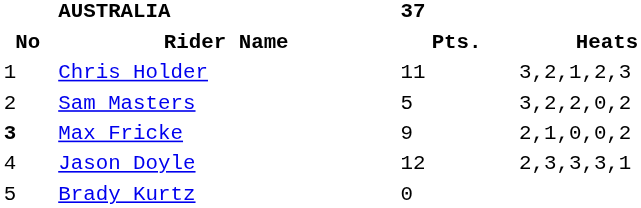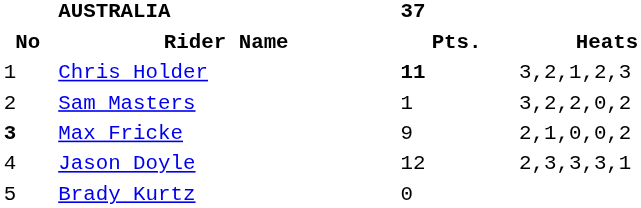 <table class="toccolours">
 <tr>
 <td></td>
 <td><strong>AUSTRALIA</strong></td>
 <td><strong>37</strong></td>
 </tr>
 <tr style="background-color:">
 <th width=30px>No</th>
 <th width=210px>Rider Name</th>
 <th width=70px>Pts.</th>
 <th width=110px>Heats</th>
 </tr>
 <tr style="background-color:">
 <td>1</td>
 <td><a href='#'>Chris Holder</a></td>
-<td>11</td>
+<td><strong>11</strong></td>
 <td>3,2,1,2,3</td>
 </tr>
 <tr style="background-color:">
 <td>2</td>
 <td><a href='#'>Sam Masters</a></td>
-<td>5</td>
+<td>1</td>
 <td>3,2,2,0,2</td>
 </tr>
 <tr style="background-color:">
 <td><strong>3</strong></td>
 <td><a href='#'>Max Fricke</a></td>
 <td>9</td>
 <td>2,1,0,0,2</td>
 </tr>
 <tr style="background-color:">
 <td>4</td>
 <td><a href='#'>Jason Doyle</a></td>
 <td>12</td>
 <td>2,3,3,3,1</td>
 </tr>
 <tr style="background-color:">
 <td>5</td>
 <td><a href='#'>Brady Kurtz</a></td>
 <td>0</td>
 <td></td>
 </tr>
 </table>
